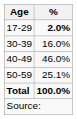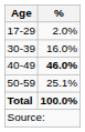 <table class=wikitable style=text-align:right>
 <tr>
 <th>Age</th>
 <th>%</th>
 </tr>
 <tr>
 <td align=left>17-29</td>
-<td><strong>2.0%</strong></td>
+<td>2.0%</td>
 </tr>
 <tr>
 <td align=left>30-39</td>
 <td>16.0%</td>
 </tr>
 <tr>
 <td align=left>40-49</td>
-<td>46.0%</td>
+<td><strong>46.0%</strong></td>
 </tr>
 <tr>
 <td align=left>50-59</td>
 <td>25.1%</td>
 </tr>
 <tr>
 <td align=left><strong>Total</strong></td>
 <td><strong>100.0%</strong></td>
 </tr>
 <tr>
 <td align=left colspan=2>Source:</td>
 </tr>
 </table>
